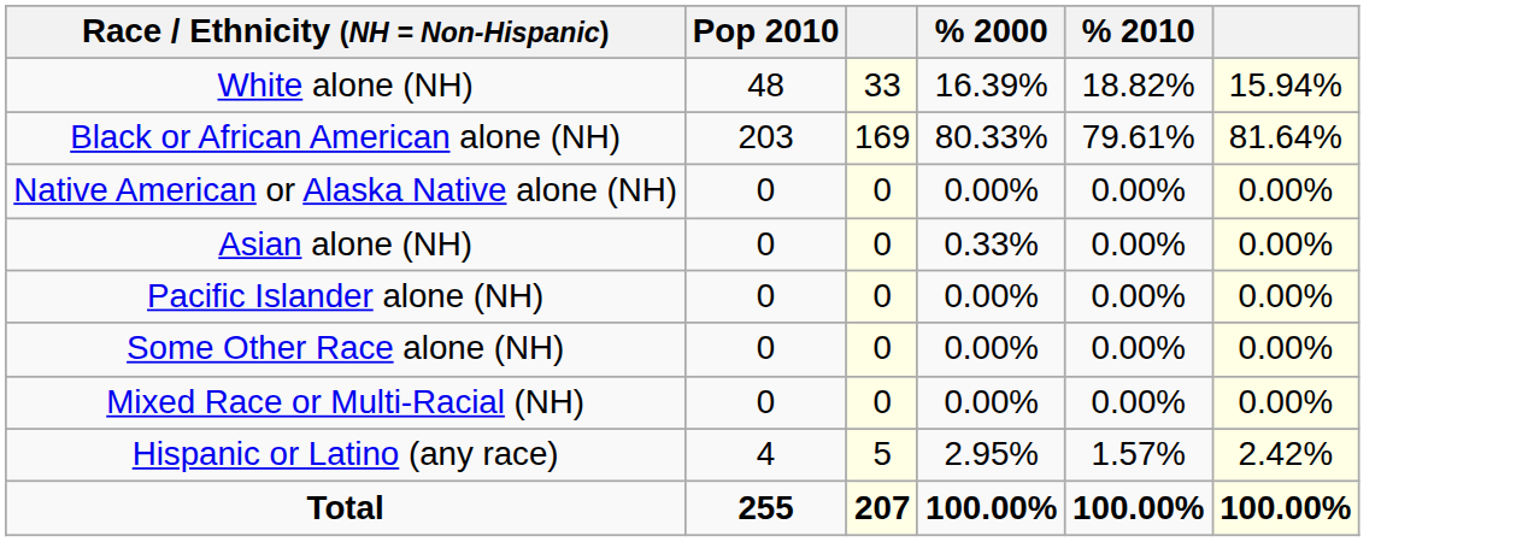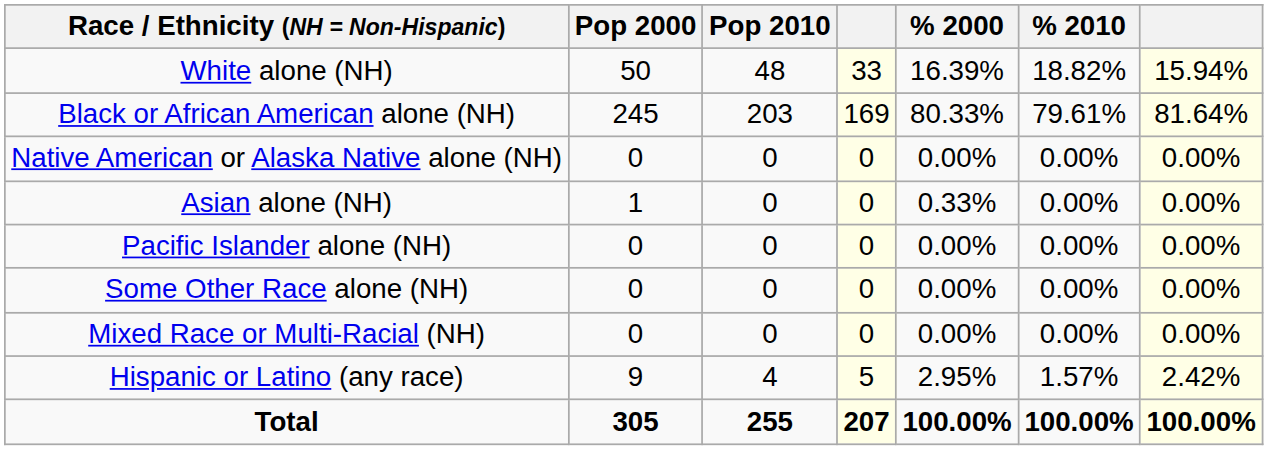 <table class="wikitable" style="text-align:center;">
 <tr>
 <th>Race / Ethnicity <small>(<em>NH = Non-Hispanic</em>)</small></th>
+<th>Pop 2000</th>
 <th>Pop 2010</th>
 <th></th>
 <th>% 2000</th>
 <th>% 2010</th>
 <th></th>
 </tr>
 <tr>
 <td><a href='#'>White</a> alone (NH)</td>
+<td>50</td>
 <td>48</td>
 <td style='background: #ffffe6;'>33</td>
 <td>16.39%</td>
 <td>18.82%</td>
 <td style='background: #ffffe6;'>15.94%</td>
 </tr>
 <tr>
 <td><a href='#'>Black or African American</a> alone (NH)</td>
+<td>245</td>
 <td>203</td>
 <td style='background: #ffffe6;'>169</td>
 <td>80.33%</td>
 <td>79.61%</td>
 <td style='background: #ffffe6;'>81.64%</td>
 </tr>
 <tr>
 <td><a href='#'>Native American</a> or <a href='#'>Alaska Native</a> alone (NH)</td>
 <td>0</td>
+<td>0</td>
 <td style='background: #ffffe6;'>0</td>
 <td>0.00%</td>
 <td>0.00%</td>
 <td style='background: #ffffe6;'>0.00%</td>
 </tr>
 <tr>
 <td><a href='#'>Asian</a> alone (NH)</td>
+<td>1</td>
 <td>0</td>
 <td style='background: #ffffe6;'>0</td>
 <td>0.33%</td>
 <td>0.00%</td>
 <td style='background: #ffffe6;'>0.00%</td>
 </tr>
 <tr>
 <td><a href='#'>Pacific Islander</a> alone (NH)</td>
 <td>0</td>
+<td>0</td>
 <td style='background: #ffffe6;'>0</td>
 <td>0.00%</td>
 <td>0.00%</td>
 <td style='background: #ffffe6;'>0.00%</td>
 </tr>
 <tr>
 <td><a href='#'>Some Other Race</a> alone (NH)</td>
+<td>0</td>
 <td>0</td>
 <td style='background: #ffffe6;'>0</td>
 <td>0.00%</td>
 <td>0.00%</td>
 <td style='background: #ffffe6;'>0.00%</td>
 </tr>
 <tr>
 <td><a href='#'>Mixed Race or Multi-Racial</a> (NH)</td>
 <td>0</td>
+<td>0</td>
 <td style='background: #ffffe6;'>0</td>
 <td>0.00%</td>
 <td>0.00%</td>
 <td style='background: #ffffe6;'>0.00%</td>
 </tr>
 <tr>
 <td><a href='#'>Hispanic or Latino</a> (any race)</td>
+<td>9</td>
 <td>4</td>
 <td style='background: #ffffe6;'>5</td>
 <td>2.95%</td>
 <td>1.57%</td>
 <td style='background: #ffffe6;'>2.42%</td>
 </tr>
 <tr>
 <td><strong>Total</strong></td>
+<td><strong>305</strong></td>
 <td><strong>255</strong></td>
 <td style='background: #ffffe6;'><strong>207</strong></td>
 <td><strong>100.00%</strong></td>
 <td><strong>100.00%</strong></td>
 <td style='background: #ffffe6;'><strong>100.00%</strong></td>
 </tr>
 </table>
